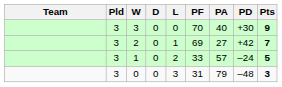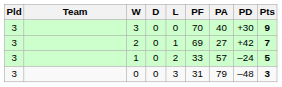 <table class="wikitable" style="text-align:center;">
 <tr>
+<th width="25" abbr="Played">Pld</th>
 <th width="160">Team</th>
-<th width="25" abbr="Played">Pld</th>
 <th width="25" abbr="Won">W</th>
 <th width="25" abbr="Drawn">D</th>
 <th width="25" abbr="Lost">L</th>
 <th width="32" abbr="Points for">PF</th>
 <th width="32" abbr="Points against">PA</th>
 <th width="32" abbr="Points difference">PD</th>
 <th width="25" abbr="Points">Pts</th>
 </tr>
 <tr bgcolor="ccffcc">
+<td>3</td>
 <td align="left"></td>
-<td>3</td>
 <td>3</td>
 <td>0</td>
 <td>0</td>
 <td>70</td>
 <td>40</td>
 <td>+30</td>
 <td><strong>9</strong></td>
 </tr>
 <tr bgcolor="ccffcc">
+<td>3</td>
 <td align="left"></td>
-<td>3</td>
 <td>2</td>
 <td>0</td>
 <td>1</td>
 <td>69</td>
 <td>27</td>
 <td>+42</td>
 <td><strong>7</strong></td>
 </tr>
 <tr bgcolor="ccffcc">
+<td>3</td>
 <td align="left"></td>
-<td>3</td>
 <td>1</td>
 <td>0</td>
 <td>2</td>
 <td>33</td>
 <td>57</td>
 <td>–24</td>
 <td><strong>5</strong></td>
 </tr>
 <tr>
+<td>3</td>
 <td align="left"></td>
-<td>3</td>
 <td>0</td>
 <td>0</td>
 <td>3</td>
 <td>31</td>
 <td>79</td>
 <td>–48</td>
 <td><strong>3</strong></td>
 </tr>
 </table>
